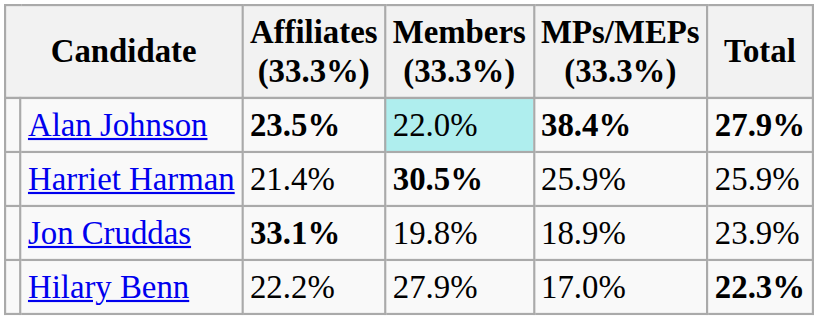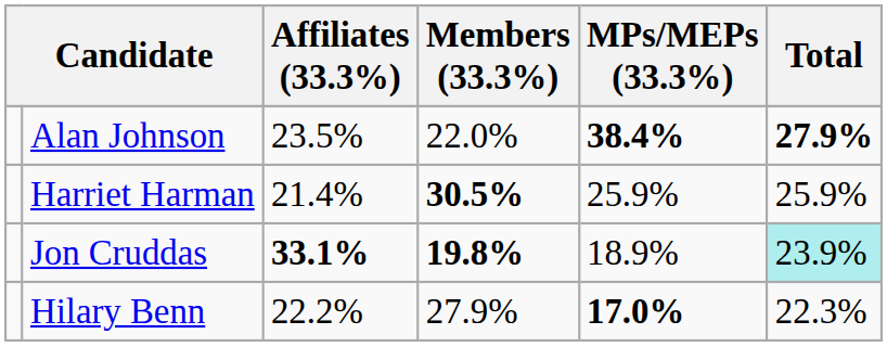 <table class="wikitable" style="font-size:95%">
 <tr>
 <th scope="col"; colspan=2>Candidate</th>
 <th scope="col">Affiliates <br> (33.3%)</th>
 <th scope="col">Members <br> (33.3%)</th>
 <th scope="col">MPs/MEPs <br> (33.3%)</th>
 <th scope="col">Total</th>
 </tr>
 <tr>
 </tr>
 <tr>
 <td style="background-color: "></td>
 <td scope=“row”><a href='#'>Alan Johnson</a></td>
-<td><strong>23.5%</strong></td>
-<td style="background: paleturquoise;">22.0%</td>
+<td>23.5%</td>
+<td>22.0%</td>
 <td><strong>38.4%</strong></td>
 <td><strong>27.9%</strong></td>
 </tr>
 <tr>
 <td style="background-color: "></td>
 <td scope=“row”><a href='#'>Harriet Harman</a></td>
 <td>21.4%</td>
 <td><strong>30.5%</strong></td>
 <td>25.9%</td>
 <td>25.9%</td>
 </tr>
 <tr>
 <td style="background-color: "></td>
 <td scope=“row”><a href='#'>Jon Cruddas</a></td>
 <td><strong>33.1%</strong></td>
-<td>19.8%</td>
+<td><strong>19.8%</strong></td>
 <td>18.9%</td>
-<td>23.9%</td>
+<td style="background: paleturquoise;">23.9%</td>
 </tr>
 <tr>
 <td style="background-color: "></td>
 <td scope=“row”><a href='#'>Hilary Benn</a> </td>
 <td>22.2%</td>
 <td>27.9%</td>
-<td>17.0%</td>
-<td><strong>22.3%</strong></td>
+<td><strong>17.0%</strong></td>
+<td>22.3%</td>
 </tr>
 </table>
